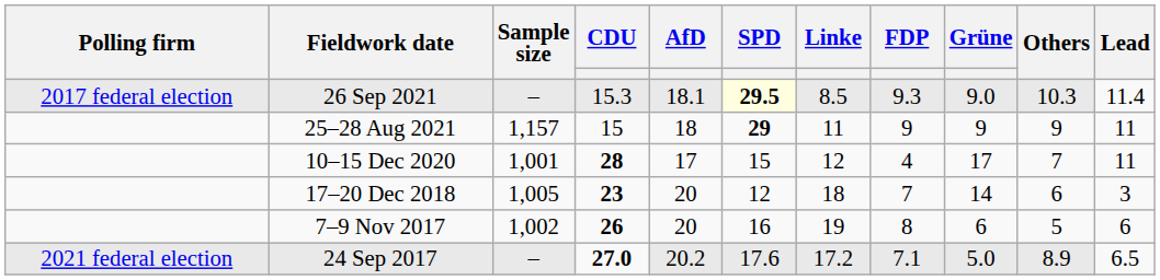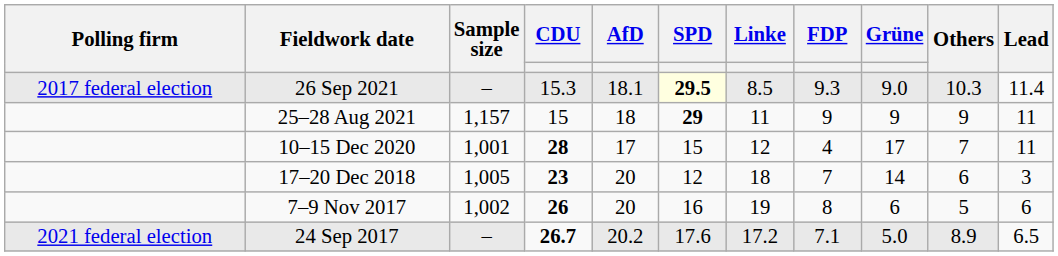 <table class="wikitable sortable mw-datatable" style="text-align:center;font-size:90%;line-height:14px;">
 <tr style="height:40px;">
 <th style="width:160px;" rowspan="2">Polling firm</th>
 <th style="width:135px;" rowspan="2">Fieldwork date</th>
 <th style="width:35px;" rowspan="2">Sample<br>size</th>
 <th class="unsortable" style="width:40px;"><a href='#'>CDU</a></th>
 <th class="unsortable" style="width:40px;"><a href='#'>AfD</a></th>
 <th class="unsortable" style="width:40px;"><a href='#'>SPD</a></th>
 <th class="unsortable" style="width:40px;"><a href='#'>Linke</a></th>
 <th class="unsortable" style="width:40px;"><a href='#'>FDP</a></th>
 <th class="unsortable" style="width:40px;"><a href='#'>Grüne</a></th>
 <th class="unsortable" style="width:30px;" rowspan="2">Others</th>
 <th style="width:30px;" rowspan="2">Lead</th>
 </tr>
 <tr>
 <th style="background:"></th>
 <th style="background:"></th>
 <th style="background:"></th>
 <th style="background:"></th>
 <th style="background:"></th>
 <th style="background:"></th>
 </tr>
 <tr>
 <td style="background:#E9E9E9;"><a href='#'>2017 federal election</a></td>
 <td style="background:#E9E9E9;" data-sort-value="2021-09-26">26 Sep 2021</td>
 <td style="background:#E9E9E9;">–</td>
 <td style="background:#E9E9E9;">15.3</td>
 <td style="background:#E9E9E9;">18.1</td>
 <td style="background: lightyellow;"><strong>29.5</strong></td>
 <td style="background:#E9E9E9;">8.5</td>
 <td style="background:#E9E9E9;">9.3</td>
 <td style="background:#E9E9E9;">9.0</td>
 <td style="background:#E9E9E9;">10.3</td>
 <td style="background:">11.4</td>
 </tr>
 <tr>
 <td></td>
 <td data-sort-value="2021-09-01">25–28 Aug 2021</td>
 <td>1,157</td>
 <td>15</td>
 <td>18</td>
 <td><strong>29</strong></td>
 <td>11</td>
 <td>9</td>
 <td>9</td>
 <td>9</td>
 <td style="background:">11</td>
 </tr>
 <tr>
 <td></td>
 <td data-sort-value="2020-12-20">10–15 Dec 2020</td>
 <td>1,001</td>
 <td><strong>28</strong></td>
 <td>17</td>
 <td>15</td>
 <td>12</td>
 <td>4</td>
 <td>17</td>
 <td>7</td>
 <td style="background:">11</td>
 </tr>
 <tr>
 <td></td>
 <td data-sort-value="2019-01-01">17–20 Dec 2018</td>
 <td>1,005</td>
 <td><strong>23</strong></td>
 <td>20</td>
 <td>12</td>
 <td>18</td>
 <td>7</td>
 <td>14</td>
 <td>6</td>
 <td style="background:">3</td>
 </tr>
 <tr>
 <td></td>
 <td data-sort-value="2017-11-10">7–9 Nov 2017</td>
 <td>1,002</td>
 <td><strong>26</strong></td>
 <td>20</td>
 <td>16</td>
 <td>19</td>
 <td>8</td>
 <td>6</td>
 <td>5</td>
 <td style="background:">6</td>
 </tr>
 <tr>
 <td style="background:#E9E9E9;"><a href='#'>2021 federal election</a></td>
 <td style="background:#E9E9E9;" data-sort-value="2017-09-24">24 Sep 2017</td>
 <td style="background:#E9E9E9;">–</td>
-<td><strong>27.0</strong></td>
+<td><strong>26.7</strong></td>
 <td style="background:#E9E9E9;">20.2</td>
 <td style="background:#E9E9E9;">17.6</td>
 <td style="background:#E9E9E9;">17.2</td>
 <td style="background:#E9E9E9;">7.1</td>
 <td style="background:#E9E9E9;">5.0</td>
 <td style="background:#E9E9E9;">8.9</td>
 <td style="background:">6.5</td>
 </tr>
 </table>
